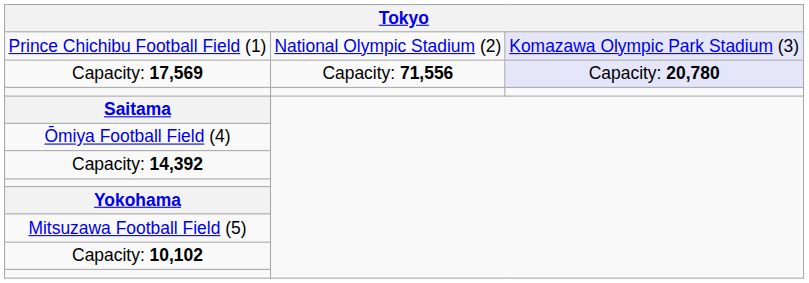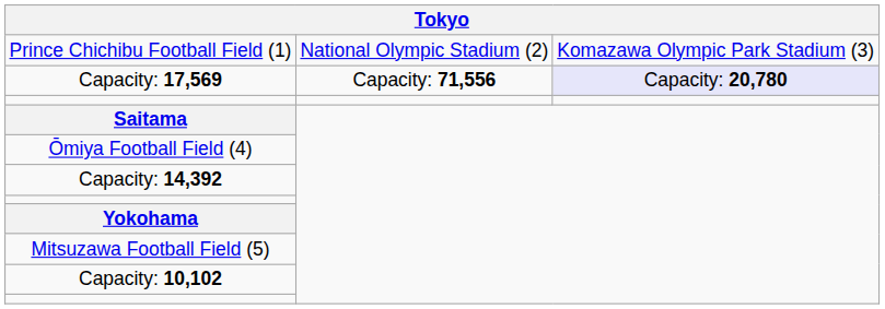 <table class="wikitable" style="text-align:center">
 <tr>
 <th colspan=3><a href='#'>Tokyo</a></th>
 </tr>
 <tr>
 <td><a href='#'>Prince Chichibu Football Field</a> (1)</td>
 <td><a href='#'>National Olympic Stadium</a> (2)</td>
-<td style="background: lavender;"><a href='#'>Komazawa Olympic Park Stadium</a> (3)</td>
+<td><a href='#'>Komazawa Olympic Park Stadium</a> (3)</td>
 </tr>
 <tr>
 <td>Capacity: <strong>17,569</strong></td>
 <td>Capacity: <strong>71,556</strong></td>
 <td style="background: lavender;">Capacity: <strong>20,780</strong></td>
 </tr>
 <tr>
 <td></td>
 <td></td>
 <td></td>
 </tr>
 <tr>
 <th><a href='#'>Saitama</a></th>
 <td colspan=3 rowspan=8><br></td>
 </tr>
 <tr>
 <td><a href='#'>Ōmiya Football Field</a> (4)</td>
 </tr>
 <tr>
 <td>Capacity: <strong>14,392</strong></td>
 </tr>
 <tr>
 <td></td>
 </tr>
 <tr>
 <th><a href='#'>Yokohama</a></th>
 </tr>
 <tr>
 <td><a href='#'>Mitsuzawa Football Field</a> (5)</td>
 </tr>
 <tr>
 <td>Capacity: <strong>10,102</strong></td>
 </tr>
 <tr>
 <td></td>
 </tr>
 </table>
